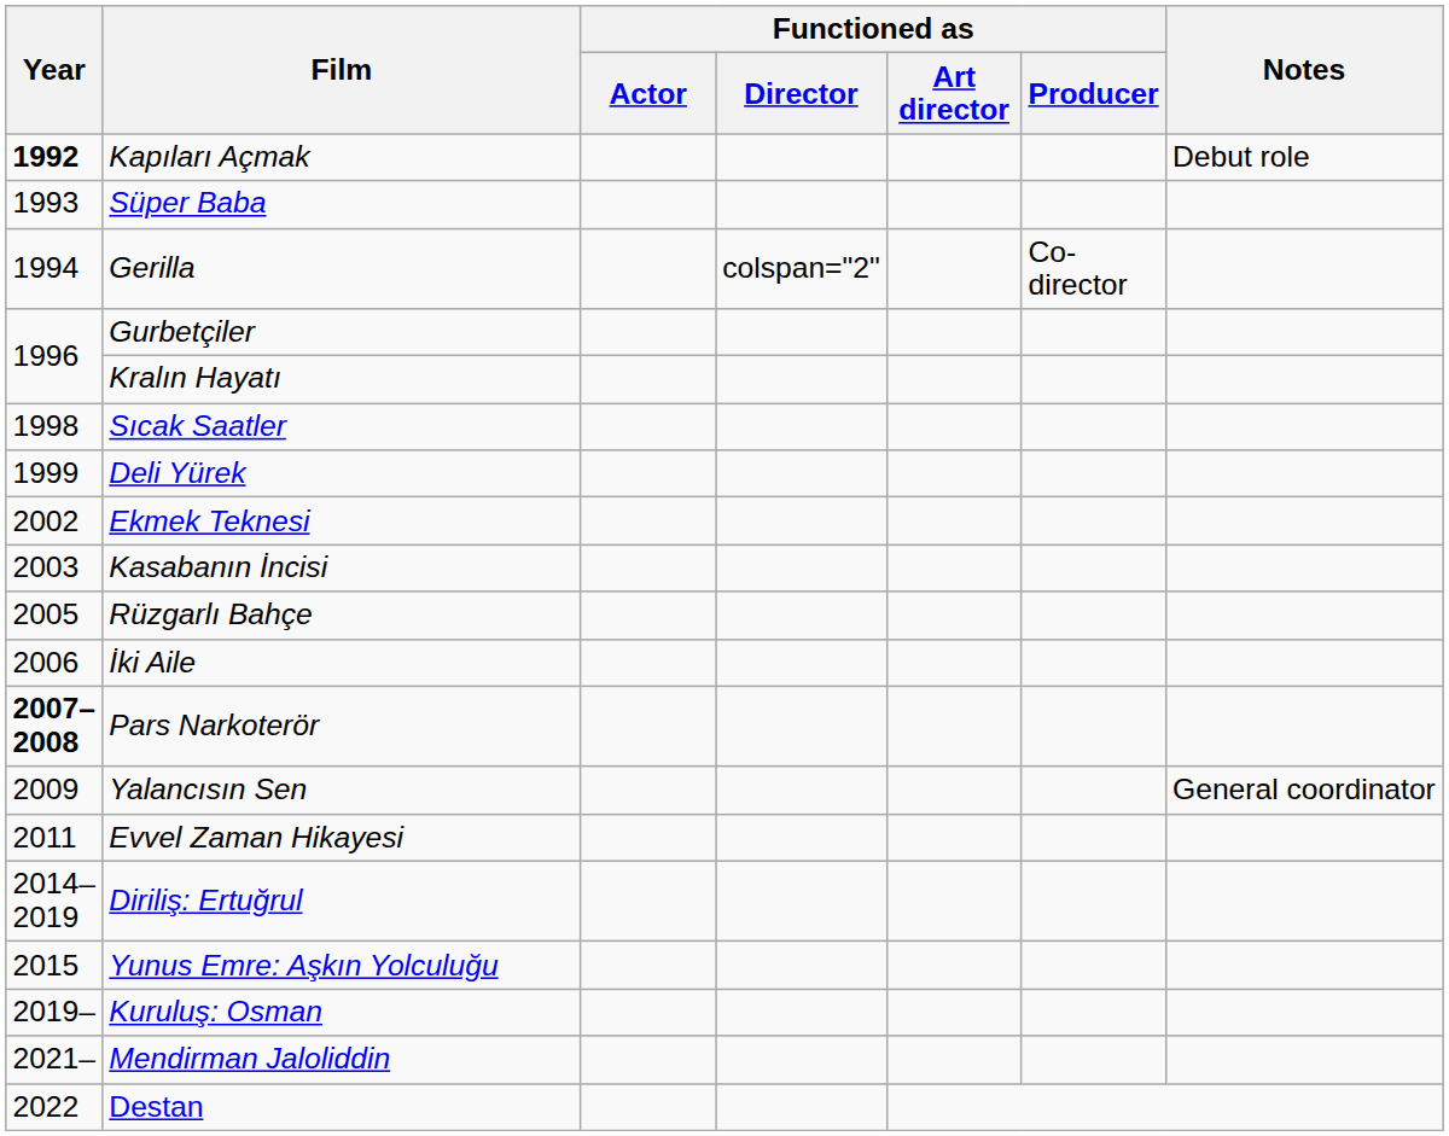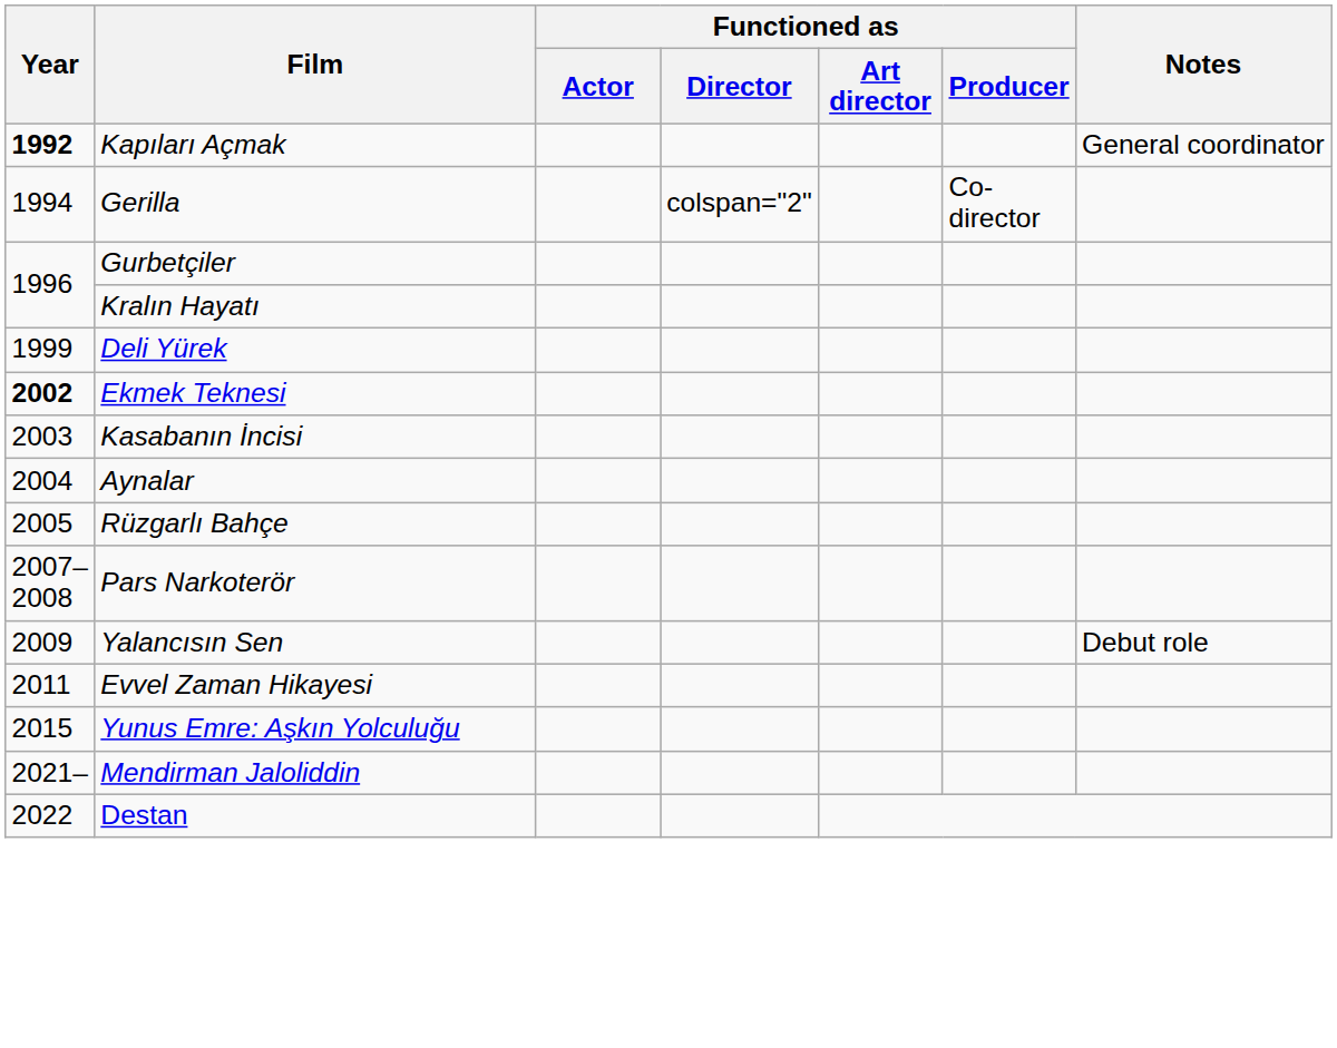 <table class="wikitable sortable" style="margin-right: 0;">
 <tr>
 <th rowspan="2" style="width:33px;">Year</th>
 <th rowspan="2" style="width:250px;">Film</th>
 <th colspan="4">Functioned as</th>
 <th rowspan="2">Notes</th>
 </tr>
 <tr>
 <th style="width:65px;"><a href='#'>Actor</a></th>
 <th style="width:65px;"><a href='#'>Director</a></th>
 <th style="width:65px;"><a href='#'>Art director</a></th>
 <th style="width:65px;"><a href='#'>Producer</a></th>
 </tr>
 <tr>
 <td><strong>1992</strong></td>
 <td><em>Kapıları Açmak</em></td>
 <td></td>
 <td></td>
 <td></td>
 <td></td>
-<td>Debut role</td>
-</tr>
-<tr>
-<td>1993</td>
-<td><em><a href='#'>Süper Baba</a></em></td>
-<td></td>
-<td></td>
-<td></td>
-<td></td>
-<td></td>
+<td>General coordinator</td>
 </tr>
 <tr>
 <td>1994</td>
 <td><em>Gerilla</em></td>
 <td></td>
 <td>colspan="2" </td>
 <td></td>
 <td>Co-director</td>
 </tr>
 <tr>
 <td rowspan="2">1996</td>
 <td><em>Gurbetçiler</em></td>
 <td></td>
 <td></td>
 <td></td>
 <td></td>
 <td></td>
 </tr>
 <tr>
 <td><em>Kralın Hayatı</em></td>
 <td></td>
 <td></td>
 <td></td>
 <td></td>
 <td></td>
 </tr>
 <tr>
-<td>1998</td>
-<td><em><a href='#'>Sıcak Saatler</a></em></td>
-<td></td>
-<td></td>
-<td></td>
-<td></td>
-<td></td>
-</tr>
-<tr>
 <td>1999</td>
 <td><em><a href='#'>Deli Yürek</a></em></td>
 <td></td>
 <td></td>
 <td></td>
 <td></td>
 <td></td>
 </tr>
 <tr>
-<td>2002</td>
+<td><strong>2002</strong></td>
 <td><em><a href='#'>Ekmek Teknesi</a></em></td>
 <td></td>
 <td></td>
 <td></td>
 <td></td>
 <td></td>
 </tr>
 <tr>
 <td>2003</td>
 <td><em>Kasabanın İncisi</em></td>
 <td></td>
 <td></td>
 <td></td>
 <td></td>
 <td></td>
 </tr>
 <tr>
+<td>2004</td>
+<td><em>Aynalar</em></td>
+<td></td>
+<td></td>
+<td></td>
+<td></td>
+<td></td>
+</tr>
+<tr>
 <td>2005</td>
 <td><em>Rüzgarlı Bahçe</em></td>
 <td></td>
 <td></td>
 <td></td>
 <td></td>
 <td></td>
 </tr>
 <tr>
-<td>2006</td>
-<td><em>İki Aile</em></td>
-<td></td>
-<td></td>
-<td></td>
-<td></td>
-<td></td>
-</tr>
-<tr>
-<td><strong>2007–2008</strong></td>
+<td>2007–2008</td>
 <td><em>Pars Narkoterör</em></td>
 <td></td>
 <td></td>
 <td></td>
 <td></td>
 <td></td>
 </tr>
 <tr>
 <td>2009</td>
 <td><em>Yalancısın Sen</em></td>
 <td></td>
 <td></td>
 <td></td>
 <td></td>
-<td>General coordinator</td>
+<td>Debut role</td>
 </tr>
 <tr>
 <td>2011</td>
 <td><em>Evvel Zaman Hikayesi</em></td>
 <td></td>
 <td></td>
 <td></td>
 <td></td>
 <td></td>
 </tr>
 <tr>
-<td>2014–2019</td>
-<td><em><a href='#'>Diriliş: Ertuğrul</a></em></td>
-<td></td>
-<td></td>
-<td></td>
-<td></td>
-<td></td>
-</tr>
-<tr>
 <td>2015</td>
 <td><em><a href='#'>Yunus Emre: Aşkın Yolculuğu</a></em></td>
-<td></td>
-<td></td>
-<td></td>
-<td></td>
-<td></td>
-</tr>
-<tr>
-<td>2019–</td>
-<td><em><a href='#'>Kuruluş: Osman</a></em></td>
 <td></td>
 <td></td>
 <td></td>
 <td></td>
 <td></td>
 </tr>
 <tr>
 <td>2021–</td>
 <td><em><a href='#'>Mendirman Jaloliddin</a></em></td>
 <td></td>
 <td></td>
 <td></td>
 <td></td>
 <td></td>
 </tr>
 <tr>
 <td>2022</td>
 <td><a href='#'>Destan</a></td>
 <td></td>
 <td></td>
 </tr>
 </table>
